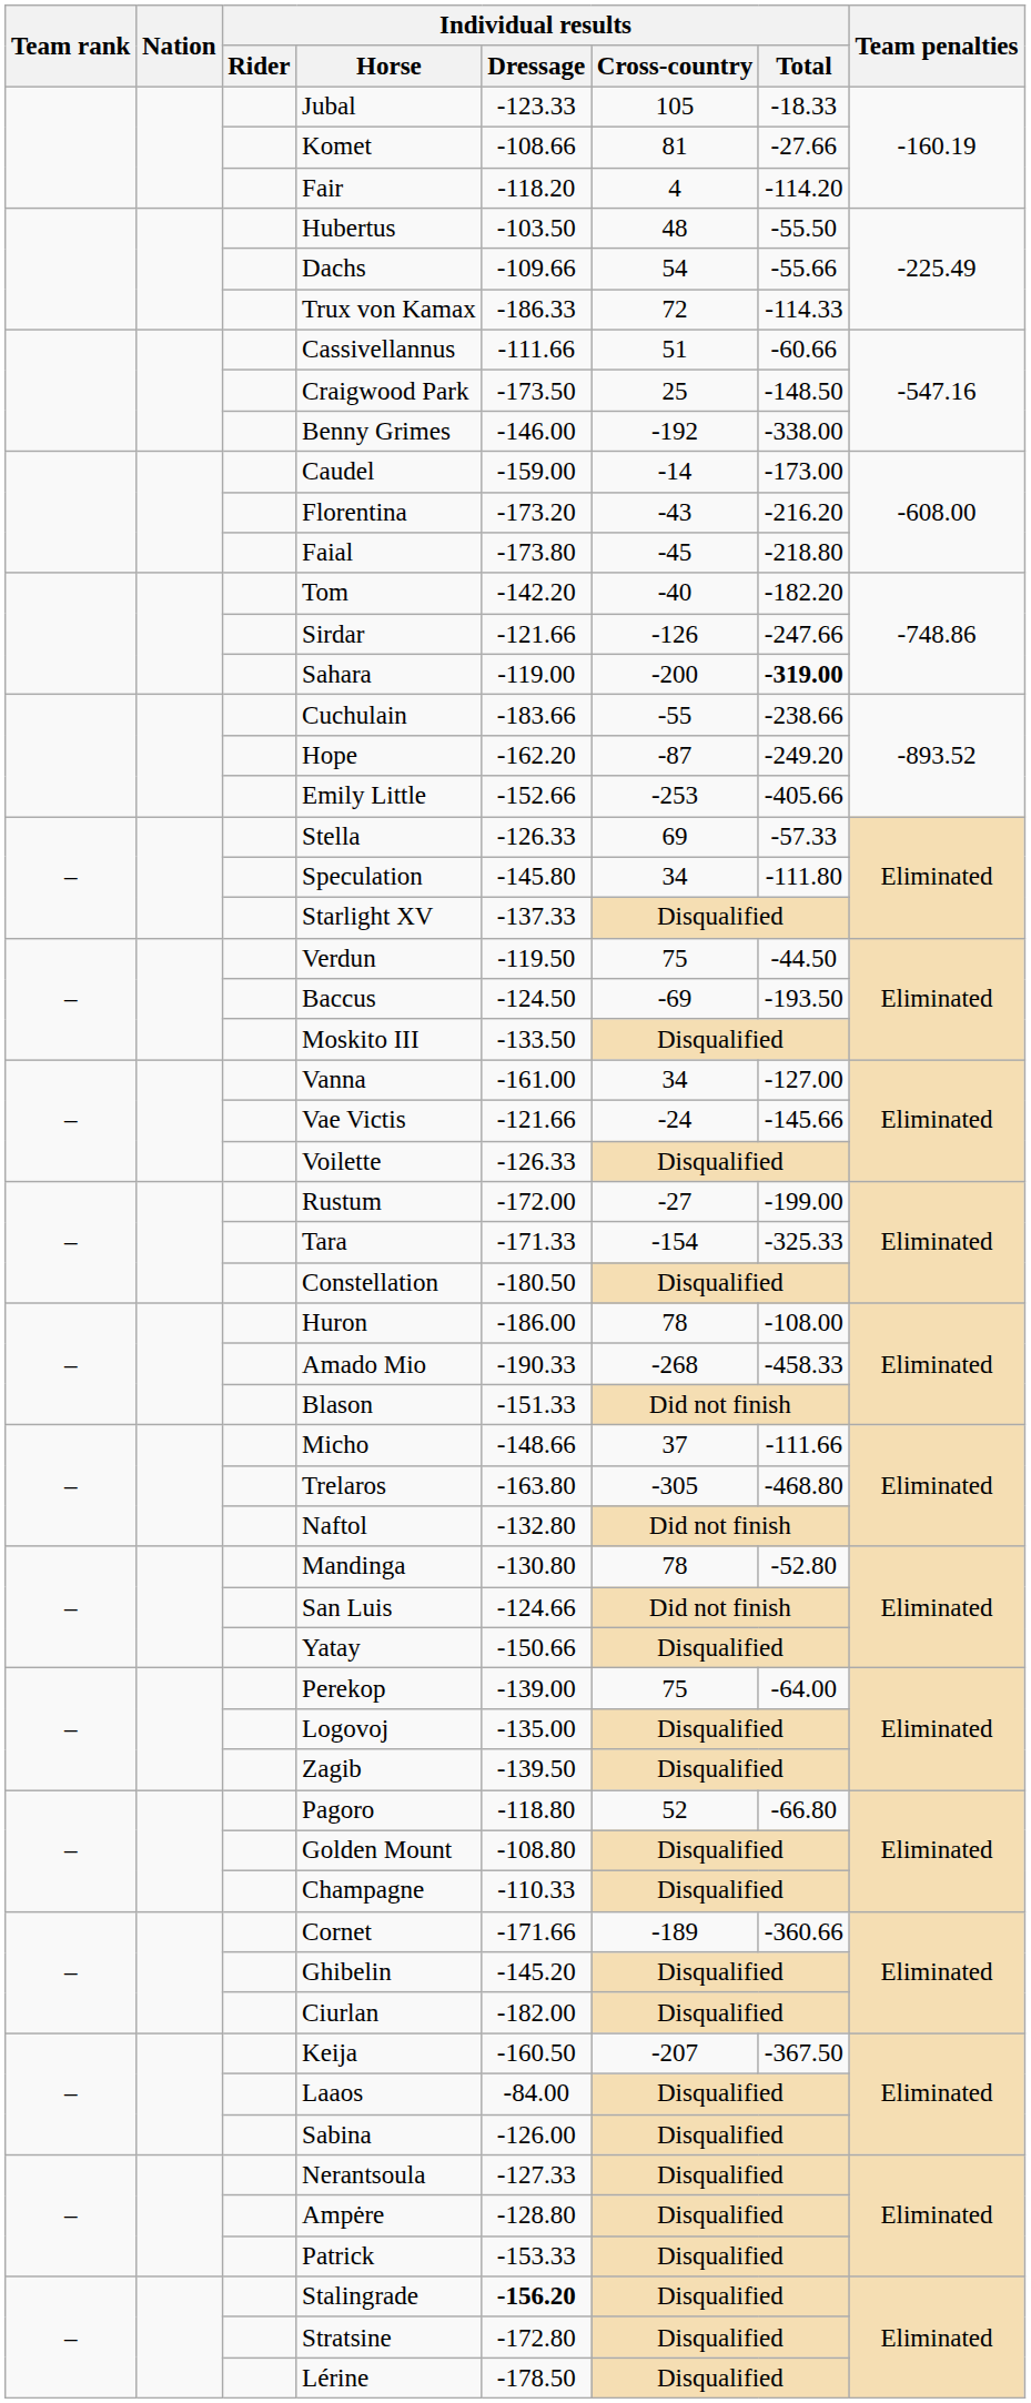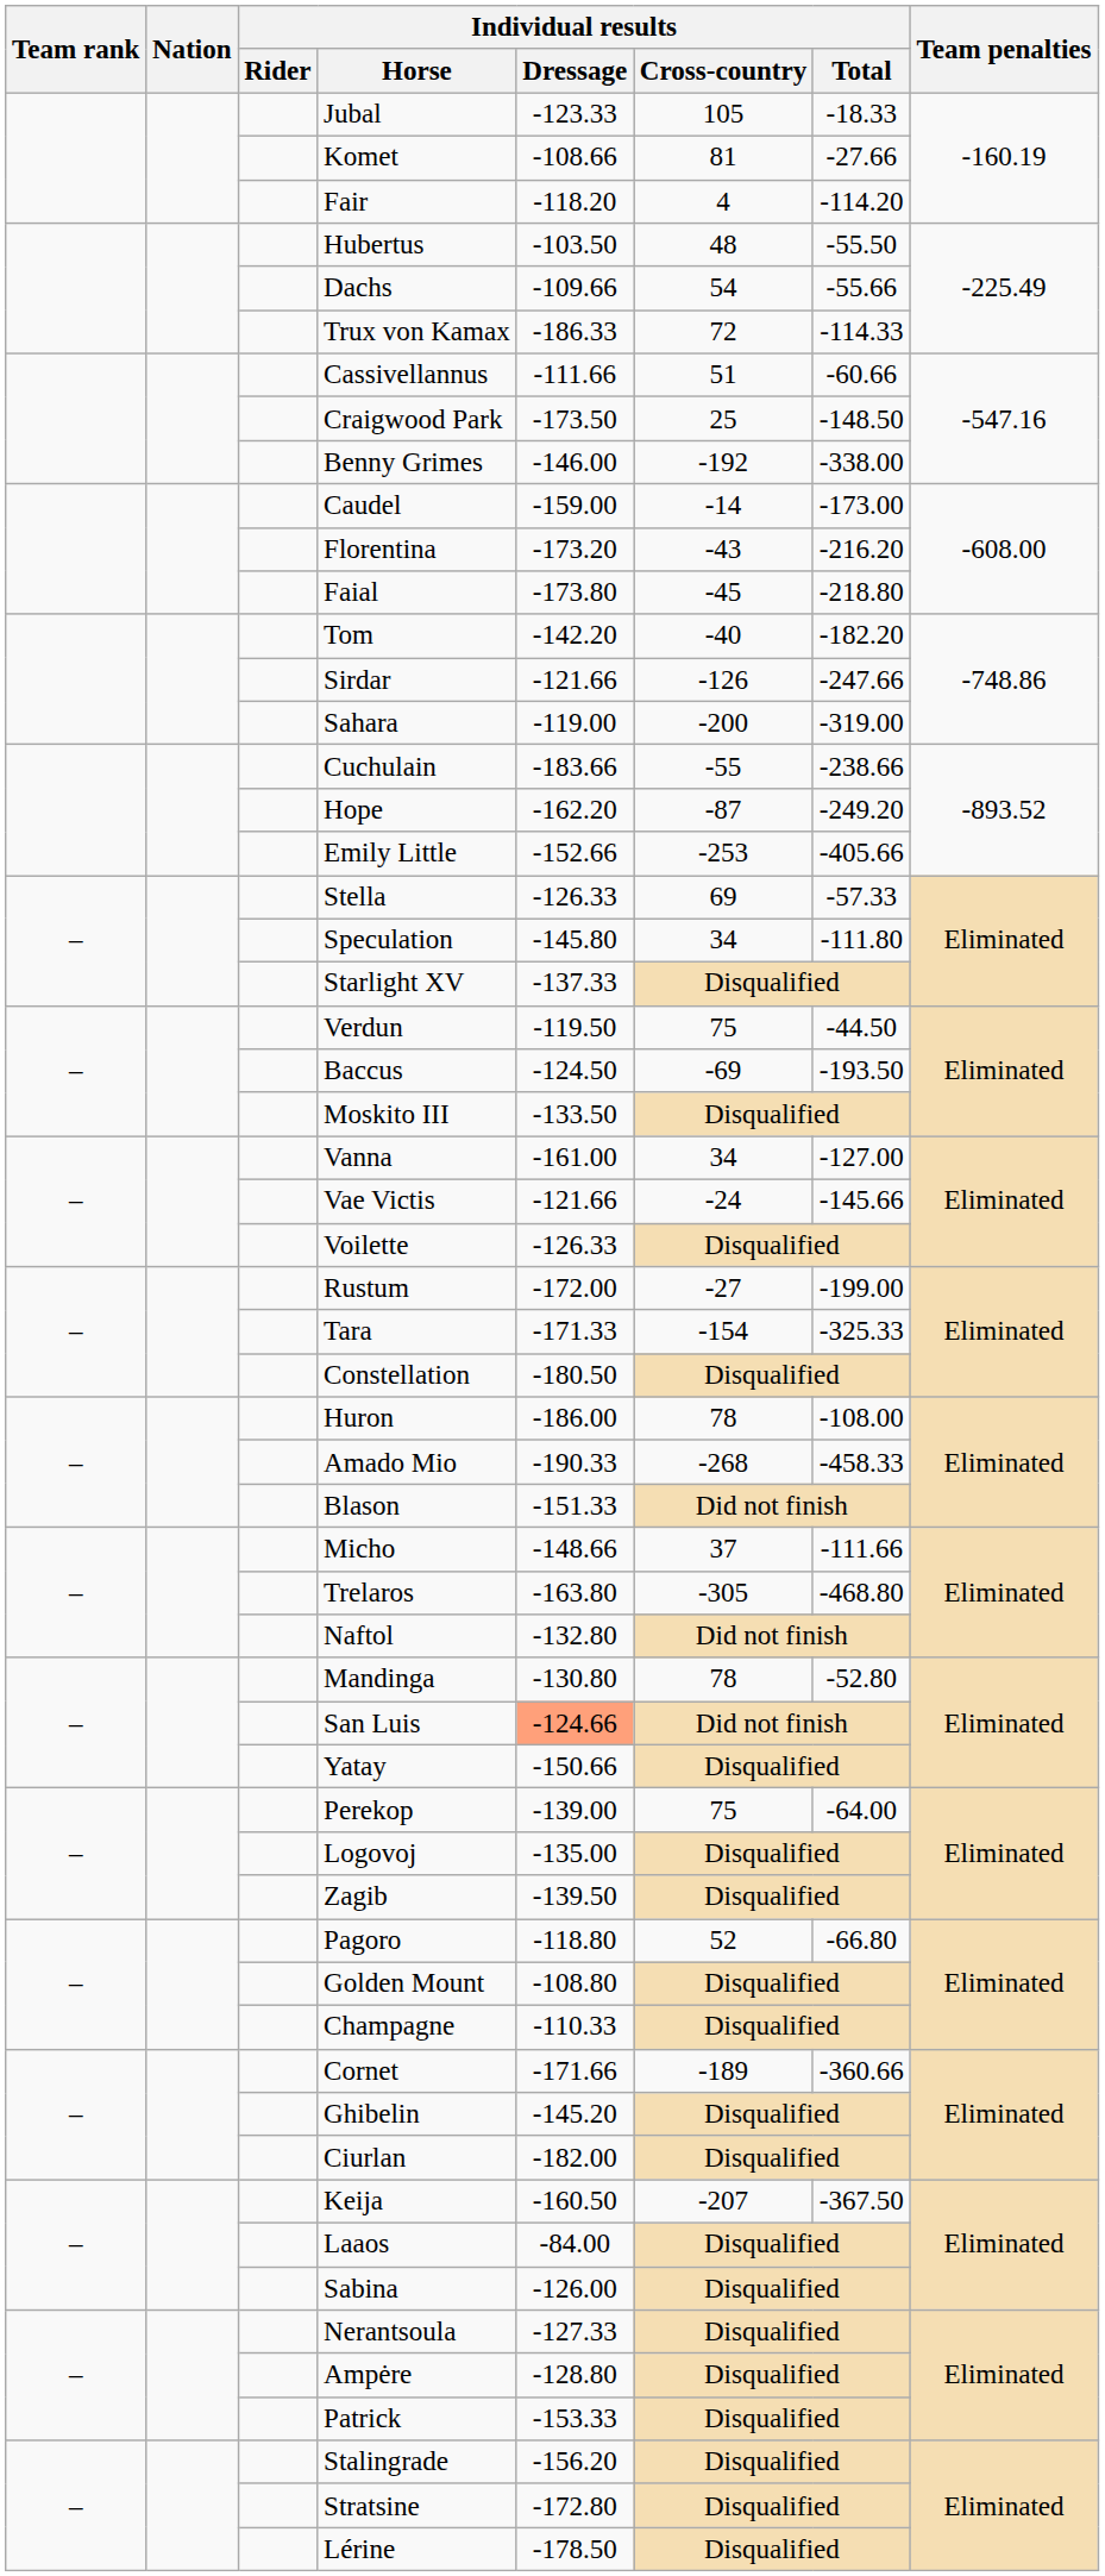 <table class="wikitable sortable" style="text-align:center">
 <tr>
 <th rowspan="2">Team rank</th>
 <th rowspan="2">Nation</th>
 <th colspan="5">Individual results</th>
 <th rowspan="2">Team penalties</th>
 </tr>
 <tr>
 <th>Rider</th>
 <th>Horse</th>
 <th>Dressage</th>
 <th>Cross-country</th>
 <th>Total</th>
 </tr>
 <tr>
 <td rowspan=3></td>
 <td rowspan=3 align=left></td>
 <td align=left></td>
 <td align=left>Jubal</td>
 <td>-123.33</td>
 <td>105</td>
 <td>-18.33</td>
 <td rowspan=3>-160.19</td>
 </tr>
 <tr>
 <td align=left></td>
 <td align=left>Komet</td>
 <td>-108.66</td>
 <td>81</td>
 <td>-27.66</td>
 </tr>
 <tr>
 <td align=left></td>
 <td align=left>Fair</td>
 <td>-118.20</td>
 <td>4</td>
 <td>-114.20</td>
 </tr>
 <tr>
 <td rowspan=3></td>
 <td rowspan=3 align=left></td>
 <td align=left></td>
 <td align=left>Hubertus</td>
 <td>-103.50</td>
 <td>48</td>
 <td>-55.50</td>
 <td rowspan=3>-225.49</td>
 </tr>
 <tr>
 <td align=left></td>
 <td align=left>Dachs</td>
 <td>-109.66</td>
 <td>54</td>
 <td>-55.66</td>
 </tr>
 <tr>
 <td align=left></td>
 <td align=left>Trux von Kamax</td>
 <td>-186.33</td>
 <td>72</td>
 <td>-114.33</td>
 </tr>
 <tr>
 <td rowspan=3></td>
 <td rowspan=3 align=left></td>
 <td align=left></td>
 <td align=left>Cassivellannus</td>
 <td>-111.66</td>
 <td>51</td>
 <td>-60.66</td>
 <td rowspan=3>-547.16</td>
 </tr>
 <tr>
 <td align=left></td>
 <td align=left>Craigwood Park</td>
 <td>-173.50</td>
 <td>25</td>
 <td>-148.50</td>
 </tr>
 <tr>
 <td align=left></td>
 <td align=left>Benny Grimes</td>
 <td>-146.00</td>
 <td>-192</td>
 <td>-338.00</td>
 </tr>
 <tr>
 <td rowspan=3></td>
 <td rowspan=3 align=left></td>
 <td align=left></td>
 <td align=left>Caudel</td>
 <td>-159.00</td>
 <td>-14</td>
 <td>-173.00</td>
 <td rowspan=3>-608.00</td>
 </tr>
 <tr>
 <td align=left></td>
 <td align=left>Florentina</td>
 <td>-173.20</td>
 <td>-43</td>
 <td>-216.20</td>
 </tr>
 <tr>
 <td align=left></td>
 <td align=left>Faial</td>
 <td>-173.80</td>
 <td>-45</td>
 <td>-218.80</td>
 </tr>
 <tr>
 <td rowspan=3></td>
 <td rowspan=3 align=left></td>
 <td align=left></td>
 <td align=left>Tom</td>
 <td>-142.20</td>
 <td>-40</td>
 <td>-182.20</td>
 <td rowspan=3>-748.86</td>
 </tr>
 <tr>
 <td align=left></td>
 <td align=left>Sirdar</td>
 <td>-121.66</td>
 <td>-126</td>
 <td>-247.66</td>
 </tr>
 <tr>
 <td align=left></td>
 <td align=left>Sahara</td>
 <td>-119.00</td>
 <td>-200</td>
-<td><strong>-319.00</strong></td>
+<td>-319.00</td>
 </tr>
 <tr>
 <td rowspan=3></td>
 <td rowspan=3 align=left></td>
 <td align=left></td>
 <td align=left>Cuchulain</td>
 <td>-183.66</td>
 <td>-55</td>
 <td>-238.66</td>
 <td rowspan=3>-893.52</td>
 </tr>
 <tr>
 <td align=left></td>
 <td align=left>Hope</td>
 <td>-162.20</td>
 <td>-87</td>
 <td>-249.20</td>
 </tr>
 <tr>
 <td align=left></td>
 <td align=left>Emily Little</td>
 <td>-152.66</td>
 <td>-253</td>
 <td>-405.66</td>
 </tr>
 <tr>
 <td rowspan=3>–</td>
 <td rowspan=3 align=left></td>
 <td align=left></td>
 <td align=left>Stella</td>
 <td>-126.33</td>
 <td>69</td>
 <td>-57.33</td>
 <td rowspan=3 bgcolor=wheat>Eliminated</td>
 </tr>
 <tr>
 <td align=left></td>
 <td align=left>Speculation</td>
 <td>-145.80</td>
 <td>34</td>
 <td>-111.80</td>
 </tr>
 <tr>
 <td align=left></td>
 <td align=left>Starlight XV</td>
 <td>-137.33</td>
 <td colspan=2 bgcolor=wheat>Disqualified</td>
 </tr>
 <tr>
 <td rowspan=3>–</td>
 <td rowspan=3 align=left></td>
 <td align=left></td>
 <td align=left>Verdun</td>
 <td>-119.50</td>
 <td>75</td>
 <td>-44.50</td>
 <td rowspan=3 bgcolor=wheat>Eliminated</td>
 </tr>
 <tr>
 <td align=left></td>
 <td align=left>Baccus</td>
 <td>-124.50</td>
 <td>-69</td>
 <td>-193.50</td>
 </tr>
 <tr>
 <td align=left></td>
 <td align=left>Moskito III</td>
 <td>-133.50</td>
 <td colspan=2 bgcolor=wheat>Disqualified</td>
 </tr>
 <tr>
 <td rowspan=3>–</td>
 <td rowspan=3 align=left></td>
 <td align=left></td>
 <td align=left>Vanna</td>
 <td>-161.00</td>
 <td>34</td>
 <td>-127.00</td>
 <td rowspan=3 bgcolor=wheat>Eliminated</td>
 </tr>
 <tr>
 <td align=left></td>
 <td align=left>Vae Victis</td>
 <td>-121.66</td>
 <td>-24</td>
 <td>-145.66</td>
 </tr>
 <tr>
 <td align=left></td>
 <td align=left>Voilette</td>
 <td>-126.33</td>
 <td colspan=2 bgcolor=wheat>Disqualified</td>
 </tr>
 <tr>
 <td rowspan=3>–</td>
 <td rowspan=3 align=left></td>
 <td align=left></td>
 <td align=left>Rustum</td>
 <td>-172.00</td>
 <td>-27</td>
 <td>-199.00</td>
 <td rowspan=3 bgcolor=wheat>Eliminated</td>
 </tr>
 <tr>
 <td align=left></td>
 <td align=left>Tara</td>
 <td>-171.33</td>
 <td>-154</td>
 <td>-325.33</td>
 </tr>
 <tr>
 <td align=left></td>
 <td align=left>Constellation</td>
 <td>-180.50</td>
 <td colspan=2 bgcolor=wheat>Disqualified</td>
 </tr>
 <tr>
 <td rowspan=3>–</td>
 <td rowspan=3 align=left></td>
 <td align=left></td>
 <td align=left>Huron</td>
 <td>-186.00</td>
 <td>78</td>
 <td>-108.00</td>
 <td rowspan=3 bgcolor=wheat>Eliminated</td>
 </tr>
 <tr>
 <td align=left></td>
 <td align=left>Amado Mio</td>
 <td>-190.33</td>
 <td>-268</td>
 <td>-458.33</td>
 </tr>
 <tr>
 <td align=left></td>
 <td align=left>Blason</td>
 <td>-151.33</td>
 <td colspan=2 bgcolor=wheat>Did not finish</td>
 </tr>
 <tr>
 <td rowspan=3>–</td>
 <td rowspan=3 align=left></td>
 <td align=left></td>
 <td align=left>Micho</td>
 <td>-148.66</td>
 <td>37</td>
 <td>-111.66</td>
 <td rowspan=3 bgcolor=wheat>Eliminated</td>
 </tr>
 <tr>
 <td align=left></td>
 <td align=left>Trelaros</td>
 <td>-163.80</td>
 <td>-305</td>
 <td>-468.80</td>
 </tr>
 <tr>
 <td align=left></td>
 <td align=left>Naftol</td>
 <td>-132.80</td>
 <td colspan=2 bgcolor=wheat>Did not finish</td>
 </tr>
 <tr>
 <td rowspan=3>–</td>
 <td rowspan=3 align=left></td>
 <td align=left></td>
 <td align=left>Mandinga</td>
 <td>-130.80</td>
 <td>78</td>
 <td>-52.80</td>
 <td rowspan=3 bgcolor=wheat>Eliminated</td>
 </tr>
 <tr>
 <td align=left></td>
 <td align=left>San Luis</td>
-<td>-124.66</td>
+<td style="background: lightsalmon;">-124.66</td>
 <td colspan=2 bgcolor=wheat>Did not finish</td>
 </tr>
 <tr>
 <td align=left></td>
 <td align=left>Yatay</td>
 <td>-150.66</td>
 <td colspan=2 bgcolor=wheat>Disqualified</td>
 </tr>
 <tr>
 <td rowspan=3>–</td>
 <td rowspan=3 align=left></td>
 <td align=left></td>
 <td align=left>Perekop</td>
 <td>-139.00</td>
 <td>75</td>
 <td>-64.00</td>
 <td rowspan=3 bgcolor=wheat>Eliminated</td>
 </tr>
 <tr>
 <td align=left></td>
 <td align=left>Logovoj</td>
 <td>-135.00</td>
 <td colspan=2 bgcolor=wheat>Disqualified</td>
 </tr>
 <tr>
 <td align=left></td>
 <td align=left>Zagib</td>
 <td>-139.50</td>
 <td colspan=2 bgcolor=wheat>Disqualified</td>
 </tr>
 <tr>
 <td rowspan=3>–</td>
 <td rowspan=3 align=left></td>
 <td align=left></td>
 <td align=left>Pagoro</td>
 <td>-118.80</td>
 <td>52</td>
 <td>-66.80</td>
 <td rowspan=3 bgcolor=wheat>Eliminated</td>
 </tr>
 <tr>
 <td align=left></td>
 <td align=left>Golden Mount</td>
 <td>-108.80</td>
 <td colspan=2 bgcolor=wheat>Disqualified</td>
 </tr>
 <tr>
 <td align=left></td>
 <td align=left>Champagne</td>
 <td>-110.33</td>
 <td colspan=2 bgcolor=wheat>Disqualified</td>
 </tr>
 <tr>
 <td rowspan=3>–</td>
 <td rowspan=3 align=left></td>
 <td align=left></td>
 <td align=left>Cornet</td>
 <td>-171.66</td>
 <td>-189</td>
 <td>-360.66</td>
 <td rowspan=3 bgcolor=wheat>Eliminated</td>
 </tr>
 <tr>
 <td align=left></td>
 <td align=left>Ghibelin</td>
 <td>-145.20</td>
 <td colspan=2 bgcolor=wheat>Disqualified</td>
 </tr>
 <tr>
 <td align=left></td>
 <td align=left>Ciurlan</td>
 <td>-182.00</td>
 <td colspan=2 bgcolor=wheat>Disqualified</td>
 </tr>
 <tr>
 <td rowspan=3>–</td>
 <td rowspan=3 align=left></td>
 <td align=left></td>
 <td align=left>Keija</td>
 <td>-160.50</td>
 <td>-207</td>
 <td>-367.50</td>
 <td rowspan=3 bgcolor=wheat>Eliminated</td>
 </tr>
 <tr>
 <td align=left></td>
 <td align=left>Laaos</td>
 <td>-84.00</td>
 <td colspan=2 bgcolor=wheat>Disqualified</td>
 </tr>
 <tr>
 <td align=left></td>
 <td align=left>Sabina</td>
 <td>-126.00</td>
 <td colspan=2 bgcolor=wheat>Disqualified</td>
 </tr>
 <tr>
 <td rowspan=3>–</td>
 <td rowspan=3 align=left></td>
 <td align=left></td>
 <td align=left>Nerantsoula</td>
 <td>-127.33</td>
 <td colspan=2 bgcolor=wheat>Disqualified</td>
 <td rowspan=3 bgcolor=wheat>Eliminated</td>
 </tr>
 <tr>
 <td align=left></td>
 <td align=left>Ampėre</td>
 <td>-128.80</td>
 <td colspan=2 bgcolor=wheat>Disqualified</td>
 </tr>
 <tr>
 <td align=left></td>
 <td align=left>Patrick</td>
 <td>-153.33</td>
 <td colspan=2 bgcolor=wheat>Disqualified</td>
 </tr>
 <tr>
 <td rowspan=3>–</td>
 <td rowspan=3 align=left></td>
 <td align=left></td>
 <td align=left>Stalingrade</td>
-<td><strong>-156.20</strong></td>
+<td>-156.20</td>
 <td colspan=2 bgcolor=wheat>Disqualified</td>
 <td rowspan=3 bgcolor=wheat>Eliminated</td>
 </tr>
 <tr>
 <td align=left></td>
 <td align=left>Stratsine</td>
 <td>-172.80</td>
 <td colspan=2 bgcolor=wheat>Disqualified</td>
 </tr>
 <tr>
 <td align=left></td>
 <td align=left>Lérine</td>
 <td>-178.50</td>
 <td colspan=2 bgcolor=wheat>Disqualified</td>
 </tr>
 </table>
